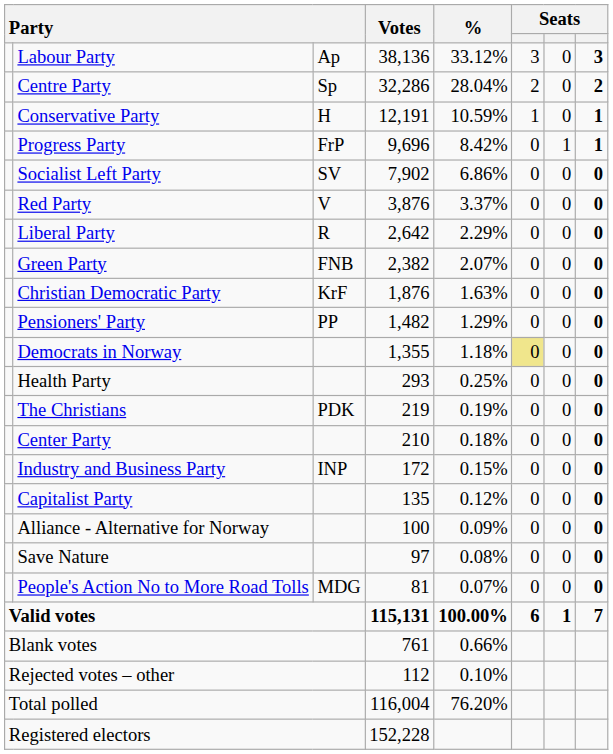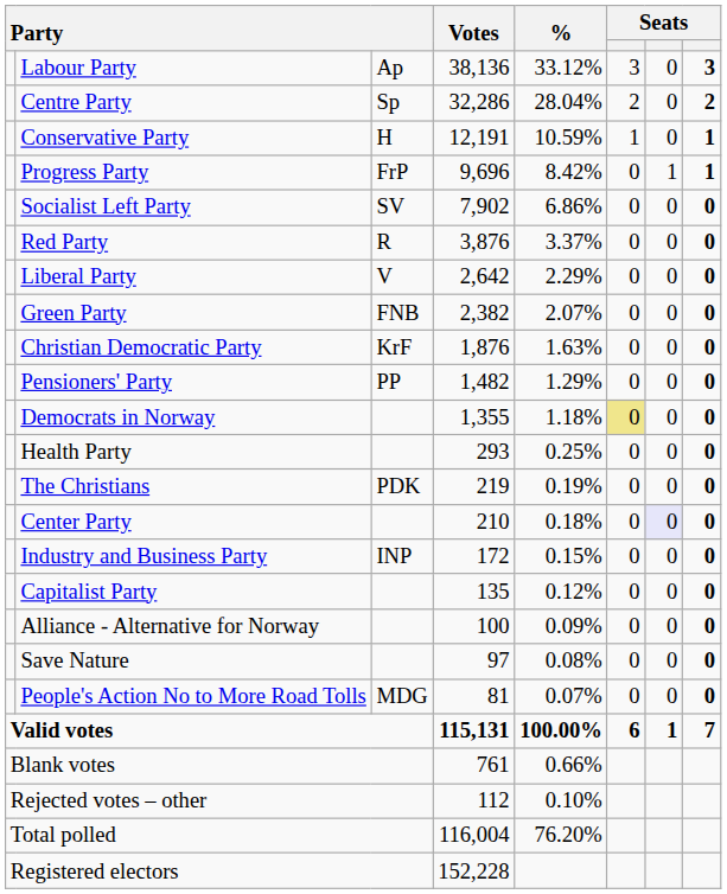 <table class="wikitable" border="1" style="text-align:right;">
 <tr>
 <th style="text-align:left;" valign=bottom rowspan=2 colspan=3>Party</th>
 <th align=center valign=bottom rowspan=2 width="50">Votes</th>
 <th align=center valign=bottom rowspan=2 width="50">%</th>
 <th colspan=3>Seats</th>
 </tr>
 <tr>
 <th align=center valign=bottom width="20"><small></small></th>
 <th align=center valign=bottom width="20"><small><a href='#'></a></small></th>
 <th align=center valign=bottom width="20"><small></small></th>
 </tr>
 <tr>
 <td style="color:inherit;background:"></td>
 <td align=left><a href='#'>Labour Party</a></td>
 <td align=left>Ap</td>
 <td>38,136</td>
 <td>33.12%</td>
 <td>3</td>
 <td>0</td>
 <td><strong>3</strong></td>
 </tr>
 <tr>
 <td style="color:inherit;background:"></td>
 <td align=left><a href='#'>Centre Party</a></td>
 <td align=left>Sp</td>
 <td>32,286</td>
 <td>28.04%</td>
 <td>2</td>
 <td>0</td>
 <td><strong>2</strong></td>
 </tr>
 <tr>
 <td style="color:inherit;background:"></td>
 <td align=left><a href='#'>Conservative Party</a></td>
 <td align=left>H</td>
 <td>12,191</td>
 <td>10.59%</td>
 <td>1</td>
 <td>0</td>
 <td><strong>1</strong></td>
 </tr>
 <tr>
 <td style="color:inherit;background:"></td>
 <td align=left><a href='#'>Progress Party</a></td>
 <td align=left>FrP</td>
 <td>9,696</td>
 <td>8.42%</td>
 <td>0</td>
 <td>1</td>
 <td><strong>1</strong></td>
 </tr>
 <tr>
 <td style="color:inherit;background:"></td>
 <td align=left><a href='#'>Socialist Left Party</a></td>
 <td align=left>SV</td>
 <td>7,902</td>
 <td>6.86%</td>
 <td>0</td>
 <td>0</td>
 <td><strong>0</strong></td>
 </tr>
 <tr>
 <td style="color:inherit;background:"></td>
 <td align=left><a href='#'>Red Party</a></td>
-<td align=left>V</td>
+<td align=left>R</td>
 <td>3,876</td>
 <td>3.37%</td>
 <td>0</td>
 <td>0</td>
 <td><strong>0</strong></td>
 </tr>
 <tr>
 <td style="color:inherit;background:"></td>
 <td align=left><a href='#'>Liberal Party</a></td>
-<td align=left>R</td>
+<td align=left>V</td>
 <td>2,642</td>
 <td>2.29%</td>
 <td>0</td>
 <td>0</td>
 <td><strong>0</strong></td>
 </tr>
 <tr>
 <td style="color:inherit;background:"></td>
 <td align=left><a href='#'>Green Party</a></td>
 <td align=left>FNB</td>
 <td>2,382</td>
 <td>2.07%</td>
 <td>0</td>
 <td>0</td>
 <td><strong>0</strong></td>
 </tr>
 <tr>
 <td style="color:inherit;background:"></td>
 <td align=left><a href='#'>Christian Democratic Party</a></td>
 <td align=left>KrF</td>
 <td>1,876</td>
 <td>1.63%</td>
 <td>0</td>
 <td>0</td>
 <td><strong>0</strong></td>
 </tr>
 <tr>
 <td style="color:inherit;background:"></td>
 <td align=left><a href='#'>Pensioners' Party</a></td>
 <td align=left>PP</td>
 <td>1,482</td>
 <td>1.29%</td>
 <td>0</td>
 <td>0</td>
 <td><strong>0</strong></td>
 </tr>
 <tr>
 <td style="color:inherit;background:"></td>
 <td align=left><a href='#'>Democrats in Norway</a></td>
 <td align=left></td>
 <td>1,355</td>
 <td>1.18%</td>
 <td style="background: khaki;">0</td>
 <td>0</td>
 <td><strong>0</strong></td>
 </tr>
 <tr>
 <td></td>
 <td align=left>Health Party</td>
 <td align=left></td>
 <td>293</td>
 <td>0.25%</td>
 <td>0</td>
 <td>0</td>
 <td><strong>0</strong></td>
 </tr>
 <tr>
 <td style="color:inherit;background:"></td>
 <td align=left><a href='#'>The Christians</a></td>
 <td align=left>PDK</td>
 <td>219</td>
 <td>0.19%</td>
 <td>0</td>
 <td>0</td>
 <td><strong>0</strong></td>
 </tr>
 <tr>
 <td style="color:inherit;background:"></td>
 <td align=left><a href='#'>Center Party</a></td>
 <td align=left></td>
 <td>210</td>
 <td>0.18%</td>
 <td>0</td>
-<td>0</td>
+<td style="background: lavender;">0</td>
 <td><strong>0</strong></td>
 </tr>
 <tr>
 <td style="color:inherit;background:"></td>
 <td align=left><a href='#'>Industry and Business Party</a></td>
 <td align=left>INP</td>
 <td>172</td>
 <td>0.15%</td>
 <td>0</td>
 <td>0</td>
 <td><strong>0</strong></td>
 </tr>
 <tr>
 <td style="color:inherit;background:"></td>
 <td align=left><a href='#'>Capitalist Party</a></td>
 <td align=left></td>
 <td>135</td>
 <td>0.12%</td>
 <td>0</td>
 <td>0</td>
 <td><strong>0</strong></td>
 </tr>
 <tr>
 <td></td>
 <td align=left>Alliance - Alternative for Norway</td>
 <td align=left></td>
 <td>100</td>
 <td>0.09%</td>
 <td>0</td>
 <td>0</td>
 <td><strong>0</strong></td>
 </tr>
 <tr>
 <td></td>
 <td align=left>Save Nature</td>
 <td align=left></td>
 <td>97</td>
 <td>0.08%</td>
 <td>0</td>
 <td>0</td>
 <td><strong>0</strong></td>
 </tr>
 <tr>
 <td style="color:inherit;background:"></td>
 <td align=left><a href='#'>People's Action No to More Road Tolls</a></td>
 <td align=left>MDG</td>
 <td>81</td>
 <td>0.07%</td>
 <td>0</td>
 <td>0</td>
 <td><strong>0</strong></td>
 </tr>
 <tr style="font-weight:bold">
 <td align=left colspan=3>Valid votes</td>
 <td>115,131</td>
 <td>100.00%</td>
 <td>6</td>
 <td>1</td>
 <td>7</td>
 </tr>
 <tr>
 <td align=left colspan=3>Blank votes</td>
 <td>761</td>
 <td>0.66%</td>
 <td></td>
 <td></td>
 <td></td>
 </tr>
 <tr>
 <td align=left colspan=3>Rejected votes – other</td>
 <td>112</td>
 <td>0.10%</td>
 <td></td>
 <td></td>
 <td></td>
 </tr>
 <tr>
 <td align=left colspan=3>Total polled</td>
 <td>116,004</td>
 <td>76.20%</td>
 <td></td>
 <td></td>
 <td></td>
 </tr>
 <tr>
 <td align=left colspan=3>Registered electors</td>
 <td>152,228</td>
 <td></td>
 <td></td>
 <td></td>
 <td></td>
 </tr>
 </table>
